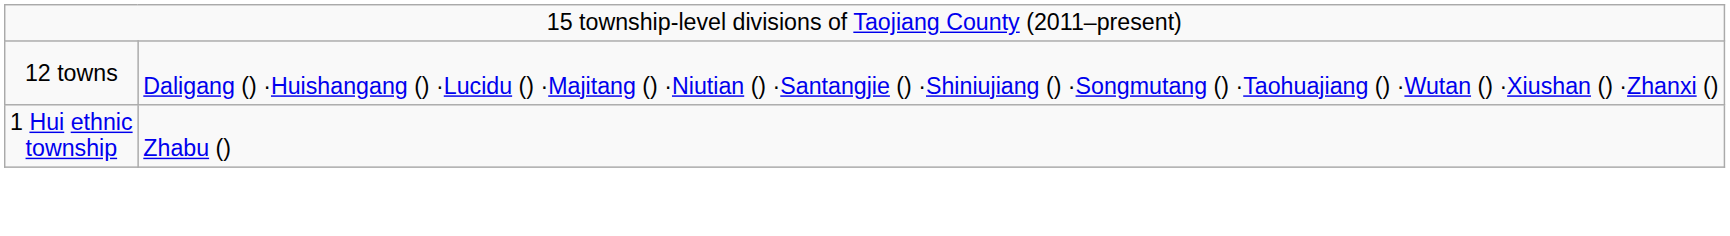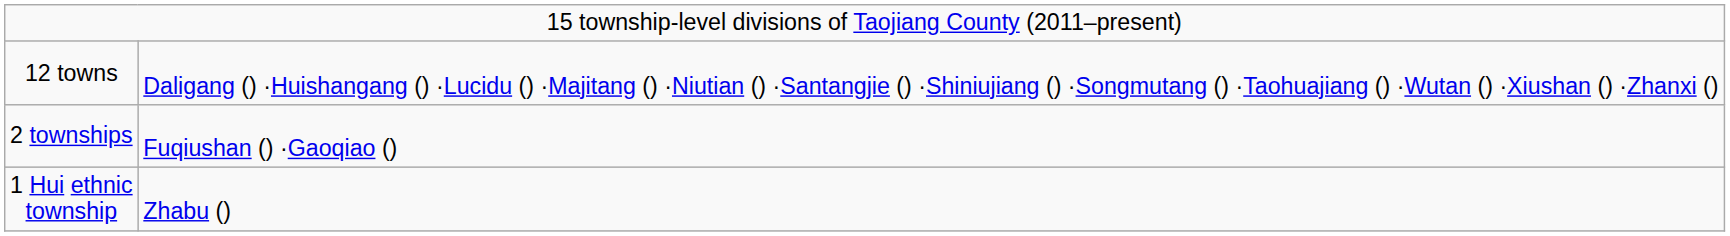 <table class="wikitable">
 <tr>
 <td style="text-align:center;" colspan="2">15 township-level divisions of <a href='#'>Taojiang County</a> (2011–present)</td>
 </tr>
 <tr align=left>
 <td align=center>12 towns</td>
 <td><br><a href='#'>Daligang</a> () ·<a href='#'>Huishangang</a> () ·<a href='#'>Lucidu</a> () ·<a href='#'>Majitang</a> () ·<a href='#'>Niutian</a> () ·<a href='#'>Santangjie</a> () ·<a href='#'>Shiniujiang</a> () ·<a href='#'>Songmutang</a> () ·<a href='#'>Taohuajiang</a> () ·<a href='#'>Wutan</a> () ·<a href='#'>Xiushan</a> () ·<a href='#'>Zhanxi</a> ()</td>
 </tr>
 <tr align=left>
+<td align=center>2 <a href='#'>townships</a></td>
+<td><br><a href='#'>Fuqiushan</a> () ·<a href='#'>Gaoqiao</a> ()</td>
+</tr>
+<tr align=left>
 <td align=center>1 <a href='#'>Hui</a> <a href='#'>ethnic<br>township</a></td>
 <td><br><a href='#'>Zhabu</a> ()</td>
 </tr>
 </table>
